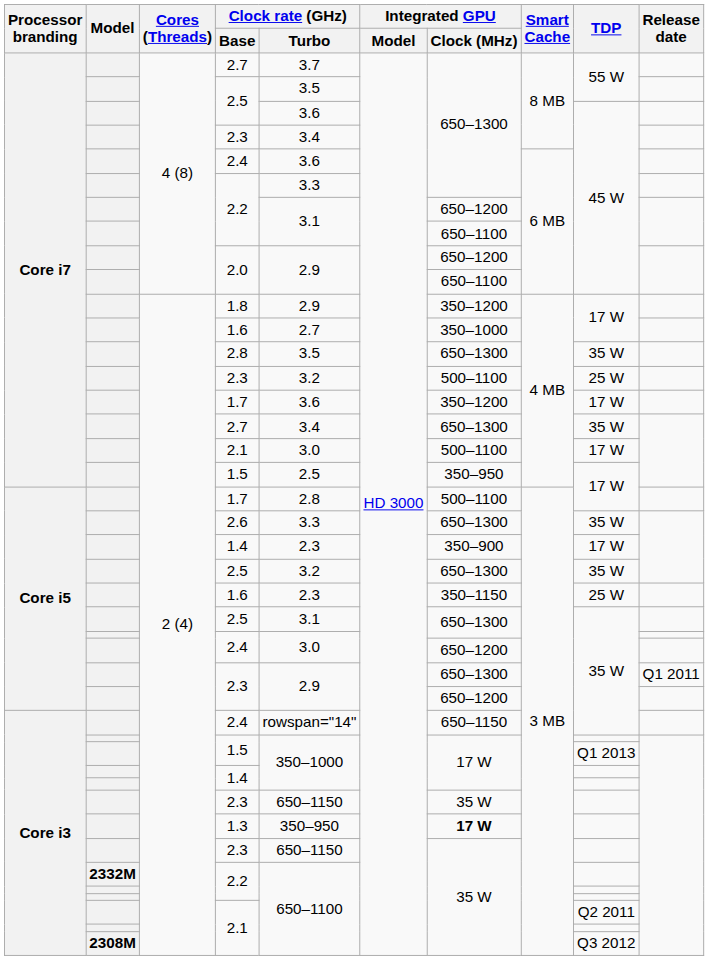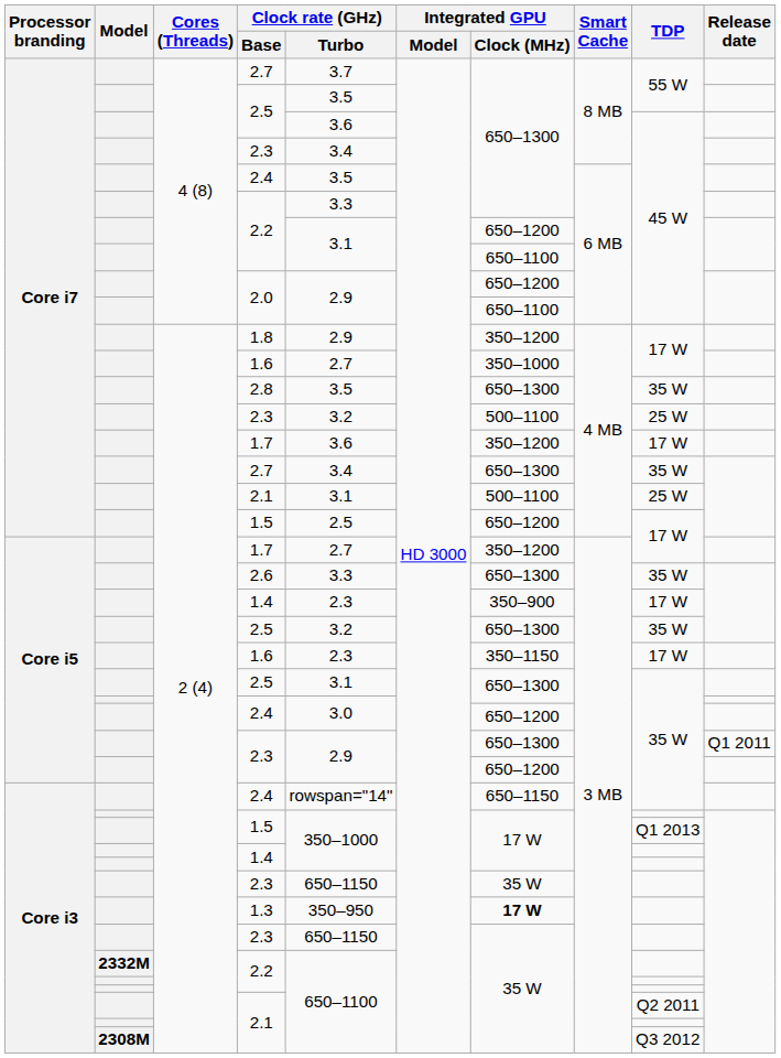 <table class="wikitable sortable nowrap" style="text-align: center;">
 <tr>
 <th class="unsortable" rowspan="2">Processor<br>branding</th>
 <th rowspan="2">Model</th>
 <th class="unsortable" rowspan="2"><a href='#'>Cores</a><br>(<a href='#'>Threads</a>)</th>
 <th colspan="2"><a href='#'>Clock rate</a> (GHz)</th>
 <th colspan="2">Integrated <a href='#'>GPU</a></th>
 <th class="unsortable" rowspan="2"><a href='#'>Smart<br>Cache</a></th>
 <th rowspan="2"><a href='#'>TDP</a></th>
 <th rowspan="2">Release<br>date</th>
 </tr>
 <tr>
 <th class="unsortable">Base</th>
 <th class="unsortable">Turbo</th>
 <th class="unsortable">Model</th>
 <th class="unsortable">Clock (MHz)</th>
 </tr>
 <tr>
 <th rowspan="18">Core i7</th>
 <th style="text-align:left;" data-sort-value="sku42"></th>
 <td rowspan="10">4 (8)</td>
 <td>2.7</td>
 <td>3.7</td>
 <td rowspan="42"><a href='#'>HD 3000</a></td>
 <td rowspan="6">650–1300</td>
 <td rowspan="4">8 MB</td>
 <td rowspan="2">55 W</td>
 <td></td>
 </tr>
 <tr>
 <th style="text-align:left;" data-sort-value="sku41"></th>
 <td rowspan="2">2.5</td>
 <td>3.5</td>
 <td></td>
 </tr>
 <tr>
 <th style="text-align:left;" data-sort-value="sku40"></th>
 <td>3.6</td>
 <td rowspan="8">45 W</td>
 <td></td>
 </tr>
 <tr>
 <th style="text-align:left;" data-sort-value="sku39"></th>
 <td>2.3</td>
 <td>3.4</td>
 <td></td>
 </tr>
 <tr>
 <th style="text-align:left;" data-sort-value="sku38"></th>
 <td>2.4</td>
-<td>3.6</td>
+<td>3.5</td>
 <td rowspan="6">6 MB</td>
 <td></td>
 </tr>
 <tr>
 <th style="text-align:left;" data-sort-value="sku37"></th>
 <td rowspan="3">2.2</td>
 <td>3.3</td>
 <td></td>
 </tr>
 <tr>
 <th style="text-align:left;" data-sort-value="sku36"></th>
 <td rowspan="2">3.1</td>
 <td>650–1200</td>
 <td rowspan="2"></td>
 </tr>
 <tr>
 <th style="text-align:left;" data-sort-value="sku35"></th>
 <td>650–1100</td>
 </tr>
 <tr>
 <th style="text-align:left;" data-sort-value="sku34"></th>
 <td rowspan="2">2.0</td>
 <td rowspan="2">2.9</td>
 <td>650–1200</td>
 <td rowspan="2"></td>
 </tr>
 <tr>
 <th style="text-align:left;" data-sort-value="sku33"></th>
 <td>650–1100</td>
 </tr>
 <tr>
 <th style="text-align:left;" data-sort-value="sku32"></th>
 <td rowspan="32">2 (4)</td>
 <td>1.8</td>
 <td>2.9</td>
 <td>350–1200</td>
 <td rowspan="8">4 MB</td>
 <td rowspan="2">17 W</td>
 <td></td>
 </tr>
 <tr>
 <th style="text-align:left;" data-sort-value="sku31"></th>
 <td>1.6</td>
 <td>2.7</td>
 <td>350–1000</td>
 <td></td>
 </tr>
 <tr>
 <th style="text-align:left;" data-sort-value="sku30"></th>
 <td>2.8</td>
 <td>3.5</td>
 <td>650–1300</td>
 <td>35 W</td>
 <td></td>
 </tr>
 <tr>
 <th style="text-align:left;" data-sort-value="sku29"></th>
 <td>2.3</td>
 <td>3.2</td>
 <td>500–1100</td>
 <td>25 W</td>
 <td></td>
 </tr>
 <tr>
 <th style="text-align:left;" data-sort-value="sku28"></th>
 <td>1.7</td>
 <td>3.6</td>
 <td>350–1200</td>
 <td>17 W</td>
 <td></td>
 </tr>
 <tr>
 <th style="text-align:left;" data-sort-value="sku27"></th>
 <td>2.7</td>
 <td>3.4</td>
 <td>650–1300</td>
 <td>35 W</td>
 <td rowspan="3"></td>
 </tr>
 <tr>
 <th style="text-align:left;" data-sort-value="sku26"></th>
 <td>2.1</td>
-<td>3.0</td>
+<td>3.1</td>
 <td>500–1100</td>
-<td>17 W</td>
+<td>25 W</td>
 </tr>
 <tr>
 <th style="text-align:left;" data-sort-value="sku25"></th>
 <td>1.5</td>
 <td>2.5</td>
-<td>350–950</td>
+<td>650–1200</td>
 <td rowspan="2">17 W</td>
 </tr>
 <tr>
 <th rowspan="10">Core i5</th>
 <th style="text-align:left;" data-sort-value="sku24"></th>
 <td>1.7</td>
-<td>2.8</td>
-<td>500–1100</td>
+<td>2.7</td>
+<td>350–1200</td>
 <td rowspan="24">3 MB</td>
 <td></td>
 </tr>
 <tr>
 <th style="text-align:left;" data-sort-value="sku23"></th>
 <td>2.6</td>
 <td>3.3</td>
 <td>650–1300</td>
 <td>35 W</td>
 <td rowspan="3"></td>
 </tr>
 <tr>
 <th style="text-align:left;" data-sort-value="sku22"></th>
 <td>1.4</td>
 <td>2.3</td>
 <td>350–900</td>
 <td>17 W</td>
 </tr>
 <tr>
 <th style="text-align:left;" data-sort-value="sku21"></th>
 <td>2.5</td>
 <td>3.2</td>
 <td>650–1300</td>
 <td>35 W</td>
 </tr>
 <tr>
 <th style="text-align:left;" data-sort-value="sku20"></th>
 <td>1.6</td>
 <td>2.3</td>
 <td>350–1150</td>
-<td>25 W</td>
+<td>17 W</td>
 <td></td>
 </tr>
 <tr>
 <th style="text-align:left;" data-sort-value="sku19"></th>
 <td>2.5</td>
 <td>3.1</td>
 <td rowspan="2">650–1300</td>
 <td rowspan="6">35 W</td>
 <td></td>
 </tr>
 <tr>
 <th style="text-align:left;" data-sort-value="sku18"></th>
 <td rowspan="2">2.4</td>
 <td rowspan="2">3.0</td>
 <td></td>
 </tr>
 <tr>
 <th style="text-align:left;" data-sort-value="sku17"></th>
 <td>650–1200</td>
 <td></td>
 </tr>
 <tr>
 <th style="text-align:left;" data-sort-value="sku16"></th>
 <td rowspan="2">2.3</td>
 <td rowspan="2">2.9</td>
 <td>650–1300</td>
 <td>Q1 2011</td>
 </tr>
 <tr>
 <th style="text-align:left;" data-sort-value="sku15"></th>
 <td>650–1200</td>
 <td></td>
 </tr>
 <tr>
 <th rowspan="14">Core i3</th>
 <th style="text-align:left;" data-sort-value="sku14"></th>
 <td>2.4</td>
 <td>rowspan="14" </td>
 <td>650–1150</td>
 <td></td>
 </tr>
 <tr>
 <th style="text-align:left;" data-sort-value="sku13"></th>
 <td rowspan="2">1.5</td>
 <td rowspan="4">350–1000</td>
 <td rowspan="4">17 W</td>
 <td></td>
 </tr>
 <tr>
 <th style="text-align:left;" data-sort-value="sku12"></th>
 <td>Q1 2013</td>
 </tr>
 <tr>
 <th style="text-align:left;" data-sort-value="sku11"></th>
 <td rowspan="2">1.4</td>
 <td></td>
 </tr>
 <tr>
 <th style="text-align:left;" data-sort-value="sku10"></th>
 <td></td>
 </tr>
 <tr>
 <th style="text-align:left;" data-sort-value="sku9"></th>
 <td>2.3</td>
 <td>650–1150</td>
 <td>35 W</td>
 <td></td>
 </tr>
 <tr>
 <th style="text-align:left;" data-sort-value="sku8"></th>
 <td>1.3</td>
 <td>350–950</td>
 <td><strong>17 W</strong></td>
 <td></td>
 </tr>
 <tr>
 <th style="text-align:left;" data-sort-value="sku7"></th>
 <td>2.3</td>
 <td>650–1150</td>
 <td rowspan="7">35 W</td>
 <td></td>
 </tr>
 <tr>
 <th style="text-align:left;" data-sort-value="sku6">2332M</th>
 <td rowspan="3">2.2</td>
 <td rowspan="6">650–1100</td>
 <td></td>
 </tr>
 <tr>
 <th style="text-align:left;" data-sort-value="sku5"></th>
 <td></td>
 </tr>
 <tr>
 <th style="text-align:left;" data-sort-value="sku4"></th>
 <td></td>
 </tr>
 <tr>
 <th style="text-align:left;" data-sort-value="sku3"></th>
 <td rowspan="3">2.1</td>
 <td>Q2 2011</td>
 </tr>
 <tr>
 <th style="text-align:left;" data-sort-value="sku2"></th>
 <td></td>
 </tr>
 <tr>
 <th style="text-align:left;" data-sort-value="sku1">2308M</th>
 <td>Q3 2012</td>
 </tr>
 </table>
